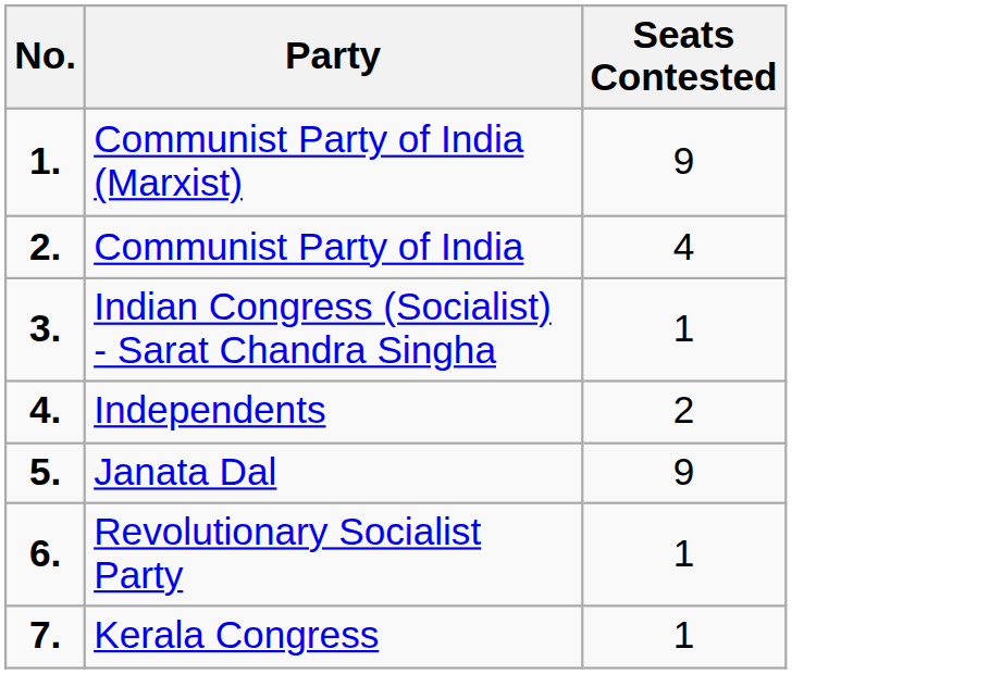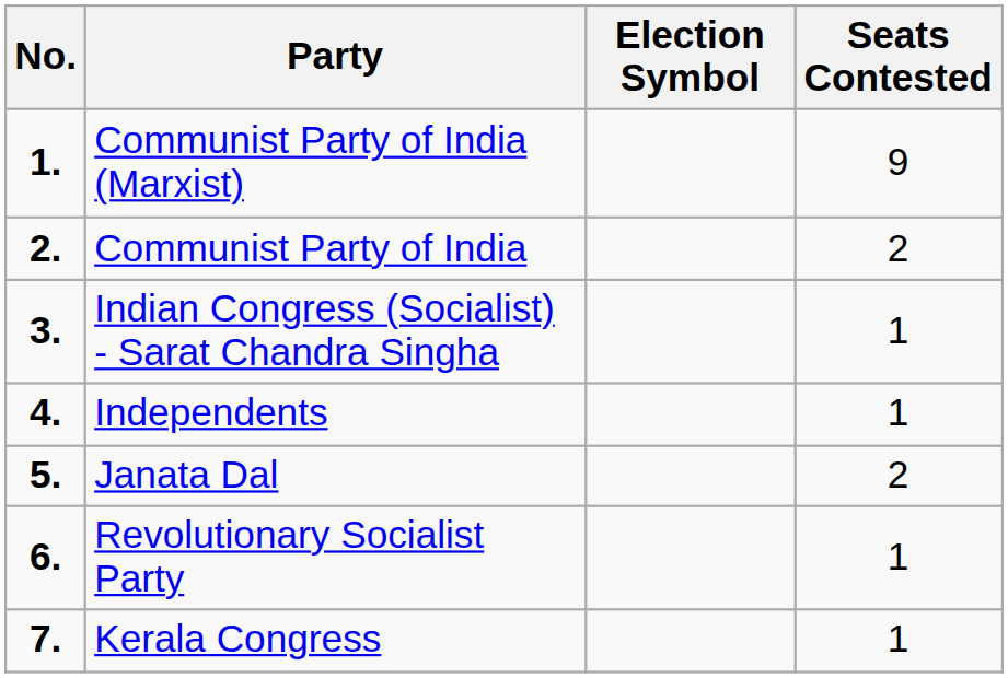 <table class="wikitable">
 <tr>
 <th scope="col" style="width:4px;">No.</th>
 <th scope="col" style="width:200px;">Party</th>
+<th scope="col" style="width:80px;">Election Symbol</th>
 <th scope="col" style="width:60px;">Seats Contested</th>
 </tr>
 <tr style="height: 45px;">
 <td style="text-align:center; background:"><strong>1.</strong></td>
 <td><a href='#'>Communist Party of India (Marxist)</a></td>
+<td></td>
 <td style="text-align:center;">9</td>
 </tr>
 <tr style="height: 4px;">
 <td style="text-align:center; background:"><strong>2.</strong></td>
 <td><a href='#'>Communist Party of India</a></td>
-<td style="text-align:center;">4</td>
+<td></td>
+<td style="text-align:center;">2</td>
 </tr>
 <tr>
 <td style="text-align:center; background:"><strong>3.</strong></td>
 <td><a href='#'>Indian Congress (Socialist) - Sarat Chandra Singha</a></td>
+<td style="text-align:center;"></td>
 <td style="text-align:center;">1</td>
 </tr>
 <tr>
 <td style="text-align:center; background:"><strong>4.</strong></td>
 <td><a href='#'>Independents</a></td>
-<td style="text-align:center;">2</td>
+<td style="text-align:center;"></td>
+<td style="text-align:center;">1</td>
 </tr>
 <tr>
 <td style="text-align:center; background:"><strong>5.</strong></td>
 <td><a href='#'>Janata Dal</a></td>
-<td style="text-align:center;">9</td>
+<td style="text-align:center;"></td>
+<td style="text-align:center;">2</td>
 </tr>
 <tr>
 <td style="text-align:center; background:"><strong>6.</strong></td>
 <td><a href='#'>Revolutionary Socialist Party</a></td>
+<td style="text-align:center;"></td>
 <td style="text-align:center;">1</td>
 </tr>
 <tr style="height: 4px;">
 <td style="text-align:center; background:"><strong>7.</strong></td>
 <td><a href='#'>Kerala Congress</a></td>
+<td style="text-align:center;"></td>
 <td style="text-align:center;">1</td>
 </tr>
 </table>
